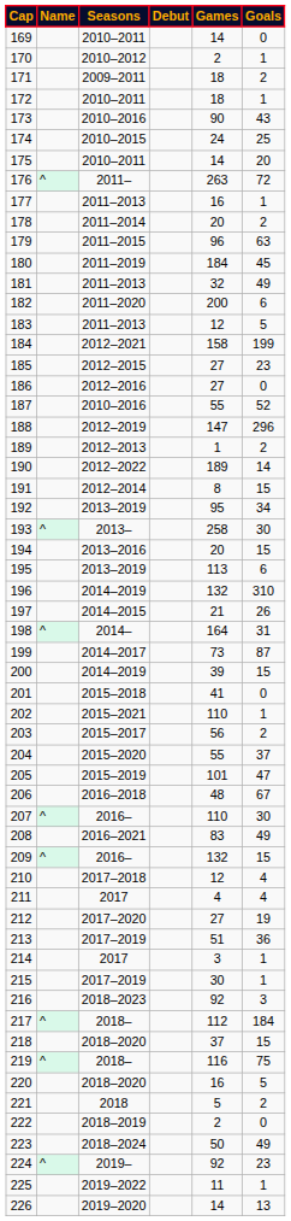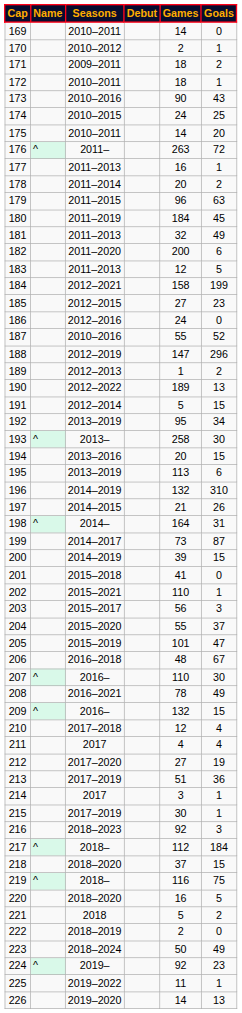 <table class="wikitable sortable" style="text-align:center">
 <tr>
 <th style="background:#060C2E; color: #FFAC00; border: solid #FF0018 2px;">Cap</th>
 <th style="background:#060C2E; color: #FFAC00; border: solid #FF0018 2px;">Name</th>
 <th style="background:#060C2E; color: #FFAC00; border: solid #FF0018 2px;">Seasons</th>
 <th style="background:#060C2E; color: #FFAC00; border: solid #FF0018 2px;">Debut</th>
 <th style="background:#060C2E; color: #FFAC00; border: solid #FF0018 2px;">Games</th>
 <th style="background:#060C2E; color: #FFAC00; border: solid #FF0018 2px;">Goals</th>
 </tr>
 <tr>
 <td>169</td>
 <td align=left></td>
 <td>2010–2011</td>
 <td></td>
 <td>14</td>
 <td>0</td>
 </tr>
 <tr>
 <td>170</td>
 <td align=left></td>
 <td>2010–2012</td>
 <td></td>
 <td>2</td>
 <td>1</td>
 </tr>
 <tr>
 <td>171</td>
 <td align=left></td>
 <td>2009–2011</td>
 <td></td>
 <td>18</td>
 <td>2</td>
 </tr>
 <tr>
 <td>172</td>
 <td align=left></td>
 <td>2010–2011</td>
 <td></td>
 <td>18</td>
 <td>1</td>
 </tr>
 <tr>
 <td>173</td>
 <td align=left></td>
 <td>2010–2016</td>
 <td></td>
 <td>90</td>
 <td>43</td>
 </tr>
 <tr>
 <td>174</td>
 <td align=left></td>
 <td>2010–2015</td>
 <td></td>
 <td>24</td>
 <td>25</td>
 </tr>
 <tr>
 <td>175</td>
 <td align=left></td>
 <td>2010–2011</td>
 <td></td>
 <td>14</td>
 <td>20</td>
 </tr>
 <tr>
 <td>176</td>
 <td style="text-align:left; background:#d9f9e9">^</td>
 <td>2011–</td>
 <td></td>
 <td>263</td>
 <td>72</td>
 </tr>
 <tr>
 <td>177</td>
 <td align=left></td>
 <td>2011–2013</td>
 <td></td>
 <td>16</td>
 <td>1</td>
 </tr>
 <tr>
 <td>178</td>
 <td align=left></td>
 <td>2011–2014</td>
 <td></td>
 <td>20</td>
 <td>2</td>
 </tr>
 <tr>
 <td>179</td>
 <td align=left></td>
 <td>2011–2015</td>
 <td></td>
 <td>96</td>
 <td>63</td>
 </tr>
 <tr>
 <td>180</td>
 <td align=left></td>
 <td>2011–2019</td>
 <td></td>
 <td>184</td>
 <td>45</td>
 </tr>
 <tr>
 <td>181</td>
 <td align=left></td>
 <td>2011–2013</td>
 <td></td>
 <td>32</td>
 <td>49</td>
 </tr>
 <tr>
 <td>182</td>
 <td align=left></td>
 <td>2011–2020</td>
 <td></td>
 <td>200</td>
 <td>6</td>
 </tr>
 <tr>
 <td>183</td>
 <td align=left></td>
 <td>2011–2013</td>
 <td></td>
 <td>12</td>
 <td>5</td>
 </tr>
 <tr>
 <td>184</td>
 <td align=left></td>
 <td>2012–2021</td>
 <td></td>
 <td>158</td>
 <td>199</td>
 </tr>
 <tr>
 <td>185</td>
 <td align=left></td>
 <td>2012–2015</td>
 <td></td>
 <td>27</td>
 <td>23</td>
 </tr>
 <tr>
 <td>186</td>
 <td align=left></td>
 <td>2012–2016</td>
 <td></td>
-<td>27</td>
+<td>24</td>
 <td>0</td>
 </tr>
 <tr>
 <td>187</td>
 <td align=left></td>
 <td>2010–2016</td>
 <td></td>
 <td>55</td>
 <td>52</td>
 </tr>
 <tr>
 <td>188</td>
 <td align=left></td>
 <td>2012–2019</td>
 <td></td>
 <td>147</td>
 <td>296</td>
 </tr>
 <tr>
 <td>189</td>
 <td align=left></td>
 <td>2012–2013</td>
 <td></td>
 <td>1</td>
 <td>2</td>
 </tr>
 <tr>
 <td>190</td>
 <td align=left></td>
 <td>2012–2022</td>
 <td></td>
 <td>189</td>
-<td>14</td>
+<td>13</td>
 </tr>
 <tr>
 <td>191</td>
 <td align=left></td>
 <td>2012–2014</td>
 <td></td>
-<td>8</td>
+<td>5</td>
 <td>15</td>
 </tr>
 <tr>
 <td>192</td>
 <td align=left></td>
 <td>2013–2019</td>
 <td></td>
 <td>95</td>
 <td>34</td>
 </tr>
 <tr>
 <td>193</td>
 <td style="text-align:left; background:#d9f9e9">^</td>
 <td>2013–</td>
 <td></td>
 <td>258</td>
 <td>30</td>
 </tr>
 <tr>
 <td>194</td>
 <td align=left></td>
 <td>2013–2016</td>
 <td></td>
 <td>20</td>
 <td>15</td>
 </tr>
 <tr>
 <td>195</td>
 <td align=left></td>
 <td>2013–2019</td>
 <td></td>
 <td>113</td>
 <td>6</td>
 </tr>
 <tr>
 <td>196</td>
 <td align=left></td>
 <td>2014–2019</td>
 <td></td>
 <td>132</td>
 <td>310</td>
 </tr>
 <tr>
 <td>197</td>
 <td align=left></td>
 <td>2014–2015</td>
 <td></td>
 <td>21</td>
 <td>26</td>
 </tr>
 <tr>
 <td>198</td>
 <td style="text-align:left; background:#d9f9e9">^</td>
 <td>2014–</td>
 <td></td>
 <td>164</td>
 <td>31</td>
 </tr>
 <tr>
 <td>199</td>
 <td align=left></td>
 <td>2014–2017</td>
 <td></td>
 <td>73</td>
 <td>87</td>
 </tr>
 <tr>
 <td>200</td>
 <td align=left></td>
 <td>2014–2019</td>
 <td></td>
 <td>39</td>
 <td>15</td>
 </tr>
 <tr>
 <td>201</td>
 <td align=left></td>
 <td>2015–2018</td>
 <td></td>
 <td>41</td>
 <td>0</td>
 </tr>
 <tr>
 <td>202</td>
 <td align=left></td>
 <td>2015–2021</td>
 <td></td>
 <td>110</td>
 <td>1</td>
 </tr>
 <tr>
 <td>203</td>
 <td align=left></td>
 <td>2015–2017</td>
 <td></td>
 <td>56</td>
-<td>2</td>
+<td>3</td>
 </tr>
 <tr>
 <td>204</td>
 <td align=left></td>
 <td>2015–2020</td>
 <td></td>
 <td>55</td>
 <td>37</td>
 </tr>
 <tr>
 <td>205</td>
 <td align=left></td>
 <td>2015–2019</td>
 <td></td>
 <td>101</td>
 <td>47</td>
 </tr>
 <tr>
 <td>206</td>
 <td align=left></td>
 <td>2016–2018</td>
 <td></td>
 <td>48</td>
 <td>67</td>
 </tr>
 <tr>
 <td>207</td>
 <td style="text-align:left; background:#d9f9e9">^</td>
 <td>2016–</td>
 <td></td>
 <td>110</td>
 <td>30</td>
 </tr>
 <tr>
 <td>208</td>
 <td align=left></td>
 <td>2016–2021</td>
 <td></td>
-<td>83</td>
+<td>78</td>
 <td>49</td>
 </tr>
 <tr>
 <td>209</td>
 <td style="text-align:left; background:#d9f9e9">^</td>
 <td>2016–</td>
 <td></td>
 <td>132</td>
 <td>15</td>
 </tr>
 <tr>
 <td>210</td>
 <td align=left></td>
 <td>2017–2018</td>
 <td></td>
 <td>12</td>
 <td>4</td>
 </tr>
 <tr>
 <td>211</td>
 <td align=left></td>
 <td>2017</td>
 <td></td>
 <td>4</td>
 <td>4</td>
 </tr>
 <tr>
 <td>212</td>
 <td align=left></td>
 <td>2017–2020</td>
 <td></td>
 <td>27</td>
 <td>19</td>
 </tr>
 <tr>
 <td>213</td>
 <td align=left></td>
 <td>2017–2019</td>
 <td></td>
 <td>51</td>
 <td>36</td>
 </tr>
 <tr>
 <td>214</td>
 <td align=left></td>
 <td>2017</td>
 <td></td>
 <td>3</td>
 <td>1</td>
 </tr>
 <tr>
 <td>215</td>
 <td align=left></td>
 <td>2017–2019</td>
 <td></td>
 <td>30</td>
 <td>1</td>
 </tr>
 <tr>
 <td>216</td>
 <td align=left></td>
 <td>2018–2023</td>
 <td></td>
 <td>92</td>
 <td>3</td>
 </tr>
 <tr>
 <td>217</td>
 <td style="text-align:left; background:#d9f9e9">^</td>
 <td>2018–</td>
 <td></td>
 <td>112</td>
 <td>184</td>
 </tr>
 <tr>
 <td>218</td>
 <td align=left></td>
 <td>2018–2020</td>
 <td></td>
 <td>37</td>
 <td>15</td>
 </tr>
 <tr>
 <td>219</td>
 <td style="text-align:left; background:#d9f9e9">^</td>
 <td>2018–</td>
 <td></td>
 <td>116</td>
 <td>75</td>
 </tr>
 <tr>
 <td>220</td>
 <td align=left></td>
 <td>2018–2020</td>
 <td></td>
 <td>16</td>
 <td>5</td>
 </tr>
 <tr>
 <td>221</td>
 <td align=left></td>
 <td>2018</td>
 <td></td>
 <td>5</td>
 <td>2</td>
 </tr>
 <tr>
 <td>222</td>
 <td align=left></td>
 <td>2018–2019</td>
 <td></td>
 <td>2</td>
 <td>0</td>
 </tr>
 <tr>
 <td>223</td>
 <td style="text-align:left"></td>
 <td>2018–2024</td>
 <td></td>
 <td>50</td>
 <td>49</td>
 </tr>
 <tr>
 <td>224</td>
 <td style="text-align:left; background:#d9f9e9">^</td>
 <td>2019–</td>
 <td></td>
 <td>92</td>
 <td>23</td>
 </tr>
 <tr>
 <td>225</td>
 <td align=left></td>
 <td>2019–2022</td>
 <td></td>
 <td>11</td>
 <td>1</td>
 </tr>
 <tr>
 <td>226</td>
 <td align=left></td>
 <td>2019–2020</td>
 <td></td>
 <td>14</td>
 <td>13</td>
 </tr>
 </table>
